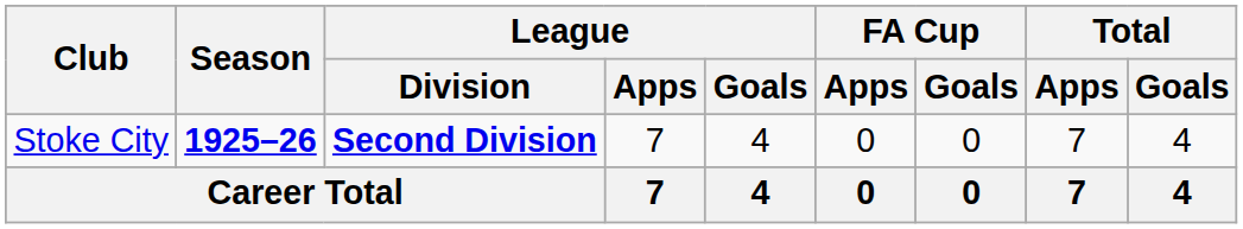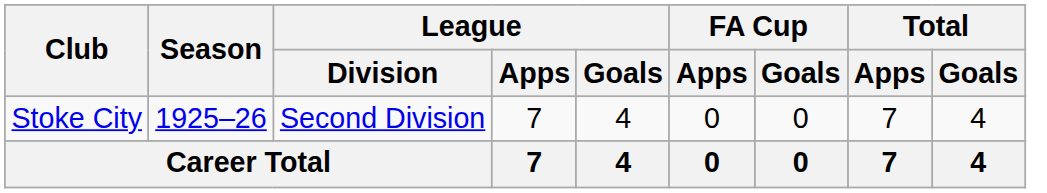 <table class="wikitable" style="text-align: center;">
 <tr>
 <th rowspan="2">Club</th>
 <th rowspan="2">Season</th>
 <th colspan="3">League</th>
 <th colspan="2">FA Cup</th>
 <th colspan="2">Total</th>
 </tr>
 <tr>
 <th>Division</th>
 <th>Apps</th>
 <th>Goals</th>
 <th>Apps</th>
 <th>Goals</th>
 <th>Apps</th>
 <th>Goals</th>
 </tr>
 <tr>
 <td><a href='#'>Stoke City</a></td>
-<td><strong><a href='#'>1925–26</a></strong></td>
-<td><strong><a href='#'>Second Division</a></strong></td>
+<td><a href='#'>1925–26</a></td>
+<td><a href='#'>Second Division</a></td>
 <td>7</td>
 <td>4</td>
 <td>0</td>
 <td>0</td>
 <td>7</td>
 <td>4</td>
 </tr>
 <tr>
 <th colspan="3">Career Total</th>
 <th>7</th>
 <th>4</th>
 <th>0</th>
 <th>0</th>
 <th>7</th>
 <th>4</th>
 </tr>
 </table>
